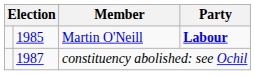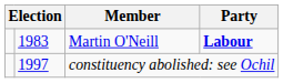 <table class="wikitable">
 <tr>
 <th colspan="2">Election</th>
 <th>Member</th>
 <th>Party</th>
 </tr>
 <tr>
 <td style="color:inherit;background-color: "></td>
-<td><a href='#'>1985</a></td>
+<td><a href='#'>1983</a></td>
 <td><a href='#'>Martin O'Neill</a></td>
 <td><strong><a href='#'>Labour</a></strong></td>
 </tr>
 <tr>
 <td></td>
-<td><a href='#'>1987</a></td>
+<td><a href='#'>1997</a></td>
 <td colspan="2"><em>constituency abolished: see <a href='#'>Ochil</a></em></td>
 </tr>
 </table>
